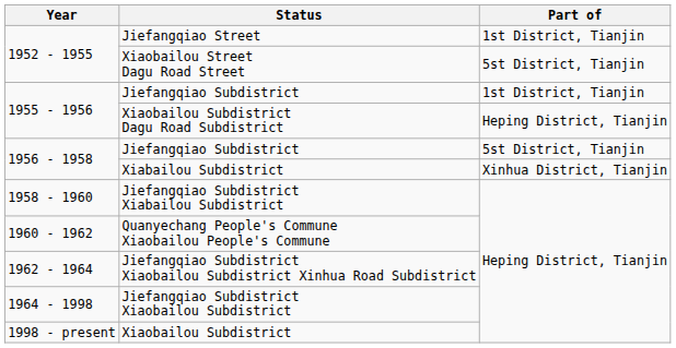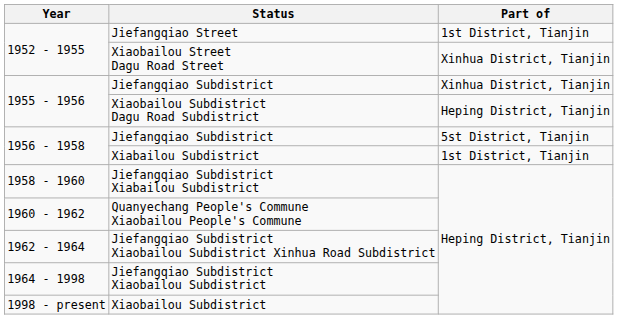 <table class="wikitable">
 <tr>
 <th>Year</th>
 <th>Status</th>
 <th>Part of</th>
 </tr>
 <tr>
 <td rowspan="2">1952 - 1955</td>
 <td>Jiefangqiao Street</td>
 <td>1st District, Tianjin</td>
 </tr>
 <tr>
 <td>Xiaobailou Street<br>Dagu Road Street</td>
-<td>5st District, Tianjin</td>
+<td>Xinhua District, Tianjin</td>
 </tr>
 <tr>
 <td rowspan="2">1955 - 1956</td>
 <td>Jiefangqiao Subdistrict</td>
-<td>1st District, Tianjin</td>
+<td>Xinhua District, Tianjin</td>
 </tr>
 <tr>
 <td>Xiaobailou Subdistrict<br>Dagu Road Subdistrict</td>
 <td>Heping District, Tianjin</td>
 </tr>
 <tr>
 <td rowspan="2">1956 - 1958</td>
 <td>Jiefangqiao Subdistrict</td>
 <td>5st District, Tianjin</td>
 </tr>
 <tr>
 <td>Xiabailou Subdistrict</td>
-<td>Xinhua District, Tianjin</td>
+<td>1st District, Tianjin</td>
 </tr>
 <tr>
 <td>1958 - 1960</td>
 <td>Jiefangqiao Subdistrict<br>Xiabailou Subdistrict</td>
 <td rowspan="5">Heping District, Tianjin</td>
 </tr>
 <tr>
 <td>1960 - 1962</td>
 <td>Quanyechang People's Commune<br>Xiaobailou People's Commune</td>
 </tr>
 <tr>
 <td>1962 - 1964</td>
 <td>Jiefangqiao Subdistrict<br>Xiaobailou Subdistrict Xinhua Road Subdistrict</td>
 </tr>
 <tr>
 <td>1964 - 1998</td>
 <td>Jiefangqiao Subdistrict<br>Xiaobailou Subdistrict</td>
 </tr>
 <tr>
 <td>1998 - present</td>
 <td>Xiaobailou Subdistrict</td>
 </tr>
 </table>
